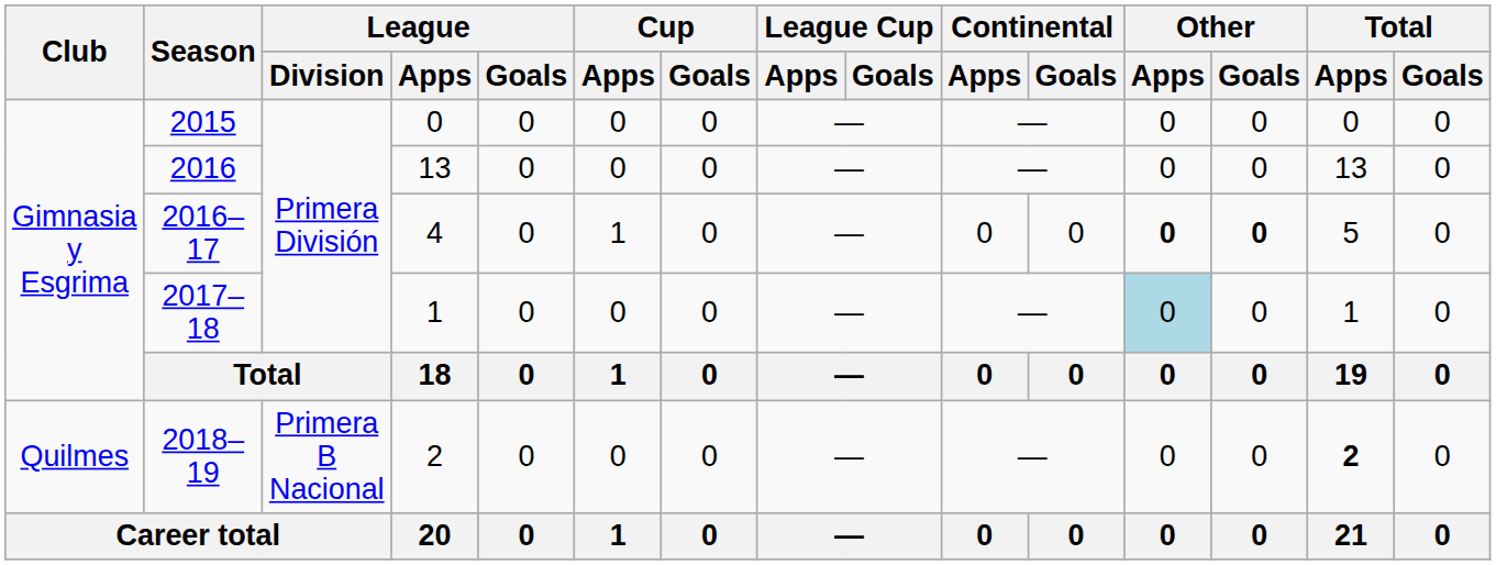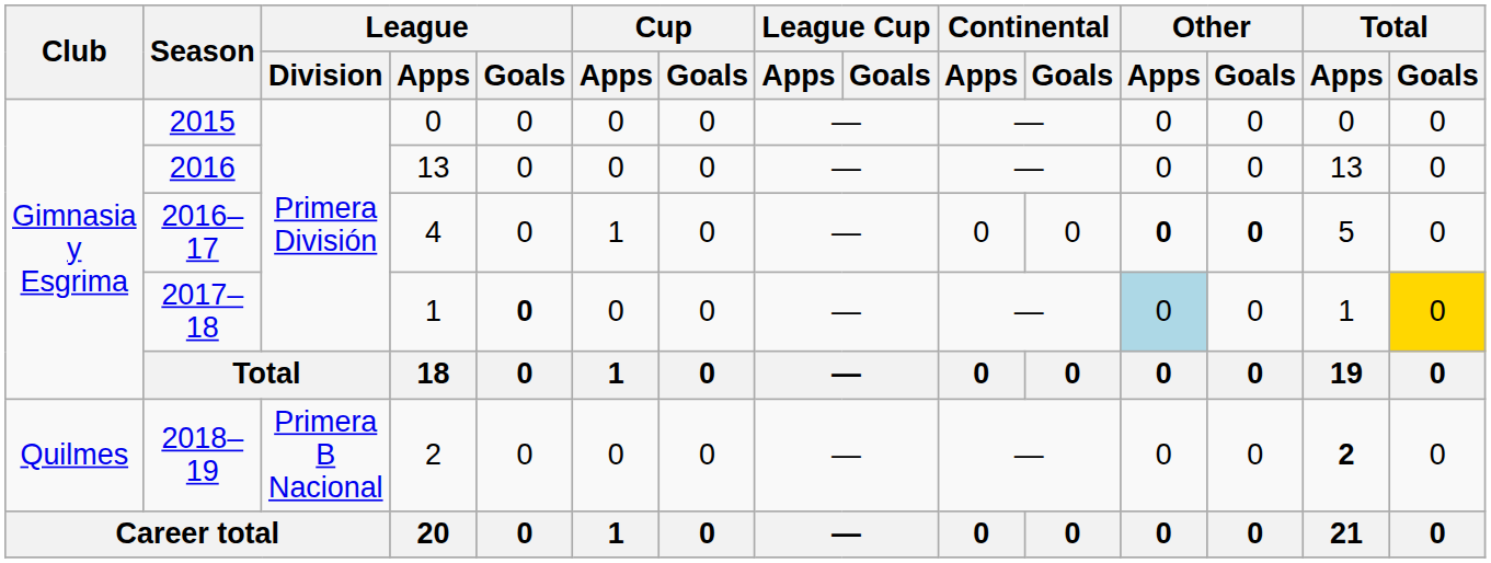 <table class="wikitable" style="text-align:center">
 <tr>
 <th rowspan="2">Club</th>
 <th rowspan="2">Season</th>
 <th colspan="3">League</th>
 <th colspan="2">Cup</th>
 <th colspan="2">League Cup</th>
 <th colspan="2">Continental</th>
 <th colspan="2">Other</th>
 <th colspan="2">Total</th>
 </tr>
 <tr>
 <th>Division</th>
 <th>Apps</th>
 <th>Goals</th>
 <th>Apps</th>
 <th>Goals</th>
 <th>Apps</th>
 <th>Goals</th>
 <th>Apps</th>
 <th>Goals</th>
 <th>Apps</th>
 <th>Goals</th>
 <th>Apps</th>
 <th>Goals</th>
 </tr>
 <tr>
 <td rowspan="5"><a href='#'>Gimnasia y Esgrima</a></td>
 <td><a href='#'>2015</a></td>
 <td rowspan="4"><a href='#'>Primera División</a></td>
 <td>0</td>
 <td>0</td>
 <td>0</td>
 <td>0</td>
 <td colspan="2">—</td>
 <td colspan="2">—</td>
 <td>0</td>
 <td>0</td>
 <td>0</td>
 <td>0</td>
 </tr>
 <tr>
 <td><a href='#'>2016</a></td>
 <td>13</td>
 <td>0</td>
 <td>0</td>
 <td>0</td>
 <td colspan="2">—</td>
 <td colspan="2">—</td>
 <td>0</td>
 <td>0</td>
 <td>13</td>
 <td>0</td>
 </tr>
 <tr>
 <td><a href='#'>2016–17</a></td>
 <td>4</td>
 <td>0</td>
 <td>1</td>
 <td>0</td>
 <td colspan="2">—</td>
 <td>0</td>
 <td>0</td>
 <td><strong>0</strong></td>
 <td><strong>0</strong></td>
 <td>5</td>
 <td>0</td>
 </tr>
 <tr>
 <td><a href='#'>2017–18</a></td>
 <td>1</td>
-<td>0</td>
+<td><strong>0</strong></td>
 <td>0</td>
 <td>0</td>
 <td colspan="2">—</td>
 <td colspan="2">—</td>
 <td style="background: lightblue;">0</td>
 <td>0</td>
 <td>1</td>
-<td>0</td>
+<td style="background: gold;">0</td>
 </tr>
 <tr>
 <th colspan="2">Total</th>
 <th>18</th>
 <th>0</th>
 <th>1</th>
 <th>0</th>
 <th colspan="2">—</th>
 <th>0</th>
 <th>0</th>
 <th>0</th>
 <th>0</th>
 <th>19</th>
 <th>0</th>
 </tr>
 <tr>
 <td rowspan="1"><a href='#'>Quilmes</a></td>
 <td><a href='#'>2018–19</a></td>
 <td rowspan="1"><a href='#'>Primera B Nacional</a></td>
 <td>2</td>
 <td>0</td>
 <td>0</td>
 <td>0</td>
 <td colspan="2">—</td>
 <td colspan="2">—</td>
 <td>0</td>
 <td>0</td>
 <td><strong>2</strong></td>
 <td>0</td>
 </tr>
 <tr>
 <th colspan="3">Career total</th>
 <th>20</th>
 <th>0</th>
 <th>1</th>
 <th>0</th>
 <th colspan="2">—</th>
 <th>0</th>
 <th>0</th>
 <th>0</th>
 <th>0</th>
 <th>21</th>
 <th>0</th>
 </tr>
 </table>
